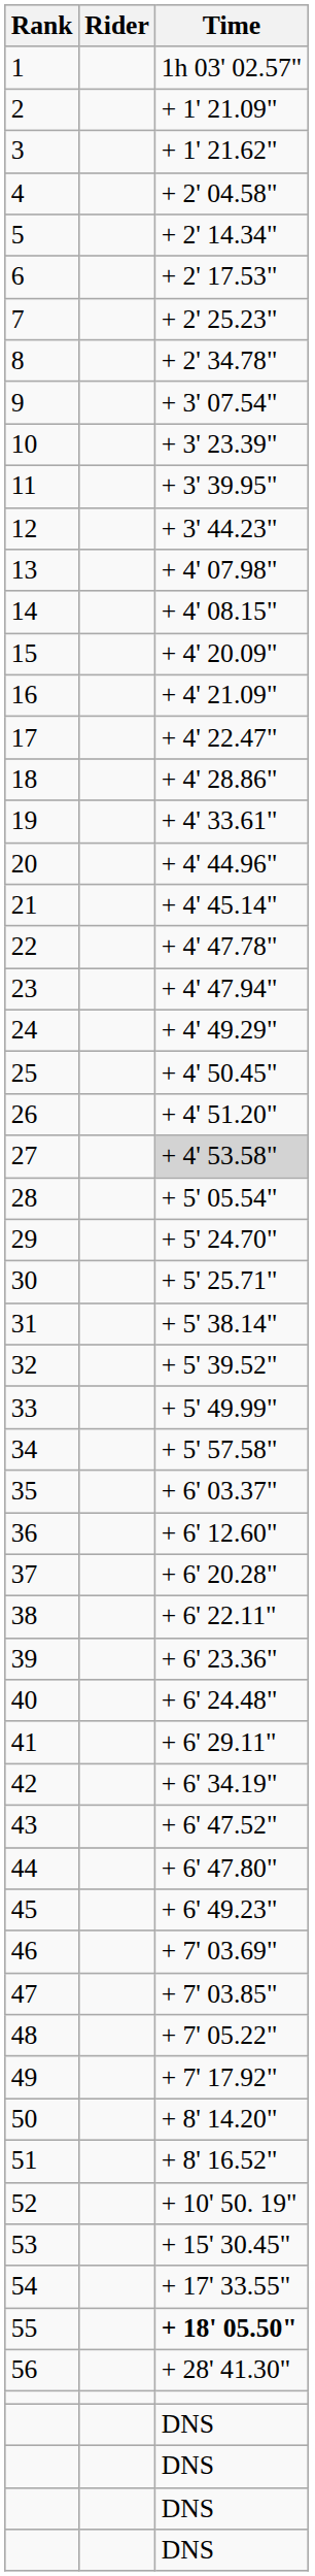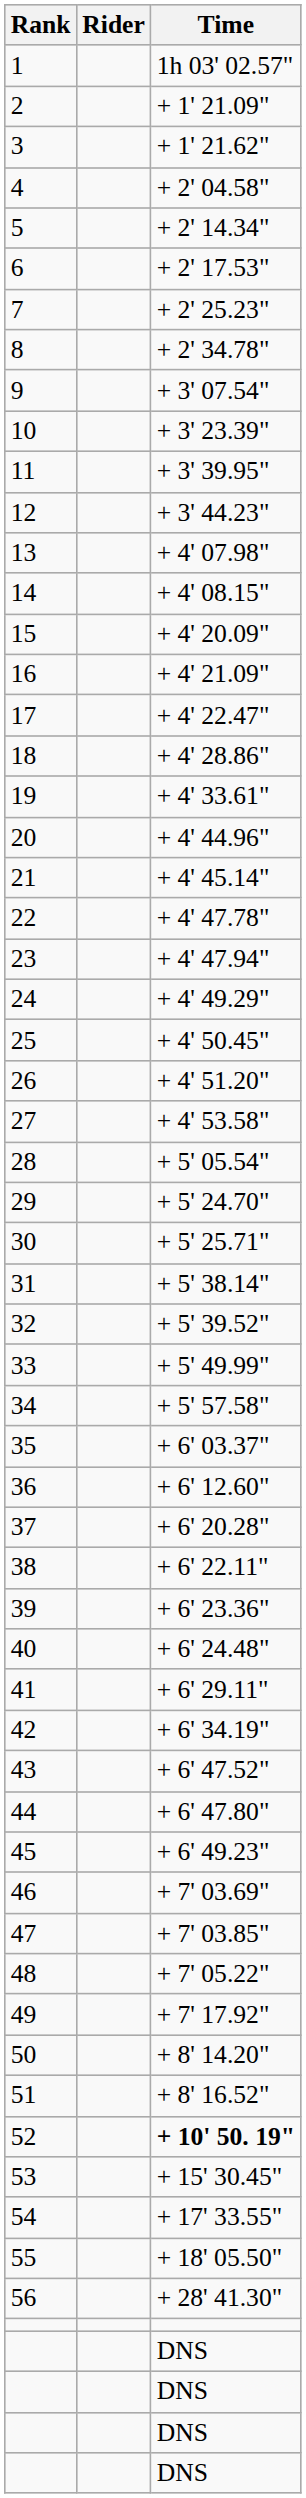 <table class="wikitable sortable">
 <tr>
 <th>Rank</th>
 <th>Rider</th>
 <th>Time</th>
 </tr>
 <tr>
 <td>1</td>
 <td></td>
 <td>1h 03' 02.57"</td>
 </tr>
 <tr>
 <td>2</td>
 <td></td>
 <td>+ 1' 21.09"</td>
 </tr>
 <tr>
 <td>3</td>
 <td></td>
 <td>+ 1' 21.62"</td>
 </tr>
 <tr>
 <td>4</td>
 <td></td>
 <td>+ 2' 04.58"</td>
 </tr>
 <tr>
 <td>5</td>
 <td></td>
 <td>+ 2' 14.34"</td>
 </tr>
 <tr>
 <td>6</td>
 <td></td>
 <td>+ 2' 17.53"</td>
 </tr>
 <tr>
 <td>7</td>
 <td></td>
 <td>+ 2' 25.23"</td>
 </tr>
 <tr>
 <td>8</td>
 <td></td>
 <td>+ 2' 34.78"</td>
 </tr>
 <tr>
 <td>9</td>
 <td></td>
 <td>+ 3' 07.54"</td>
 </tr>
 <tr>
 <td>10</td>
 <td></td>
 <td>+ 3' 23.39"</td>
 </tr>
 <tr>
 <td>11</td>
 <td></td>
 <td>+ 3' 39.95"</td>
 </tr>
 <tr>
 <td>12</td>
 <td></td>
 <td>+ 3' 44.23"</td>
 </tr>
 <tr>
 <td>13</td>
 <td></td>
 <td>+ 4' 07.98"</td>
 </tr>
 <tr>
 <td>14</td>
 <td></td>
 <td>+ 4' 08.15"</td>
 </tr>
 <tr>
 <td>15</td>
 <td></td>
 <td>+ 4' 20.09"</td>
 </tr>
 <tr>
 <td>16</td>
 <td></td>
 <td>+ 4' 21.09"</td>
 </tr>
 <tr>
 <td>17</td>
 <td></td>
 <td>+ 4' 22.47"</td>
 </tr>
 <tr>
 <td>18</td>
 <td></td>
 <td>+ 4' 28.86"</td>
 </tr>
 <tr>
 <td>19</td>
 <td></td>
 <td>+ 4' 33.61"</td>
 </tr>
 <tr>
 <td>20</td>
 <td></td>
 <td>+ 4' 44.96"</td>
 </tr>
 <tr>
 <td>21</td>
 <td></td>
 <td>+ 4' 45.14"</td>
 </tr>
 <tr>
 <td>22</td>
 <td></td>
 <td>+ 4' 47.78"</td>
 </tr>
 <tr>
 <td>23</td>
 <td></td>
 <td>+ 4' 47.94"</td>
 </tr>
 <tr>
 <td>24</td>
 <td></td>
 <td>+ 4' 49.29"</td>
 </tr>
 <tr>
 <td>25</td>
 <td></td>
 <td>+ 4' 50.45"</td>
 </tr>
 <tr>
 <td>26</td>
 <td></td>
 <td>+ 4' 51.20"</td>
 </tr>
 <tr>
 <td>27</td>
 <td></td>
-<td style="background: lightgrey;">+ 4' 53.58"</td>
+<td>+ 4' 53.58"</td>
 </tr>
 <tr>
 <td>28</td>
 <td></td>
 <td>+ 5' 05.54"</td>
 </tr>
 <tr>
 <td>29</td>
 <td></td>
 <td>+ 5' 24.70"</td>
 </tr>
 <tr>
 <td>30</td>
 <td></td>
 <td>+ 5' 25.71"</td>
 </tr>
 <tr>
 <td>31</td>
 <td></td>
 <td>+ 5' 38.14"</td>
 </tr>
 <tr>
 <td>32</td>
 <td></td>
 <td>+ 5' 39.52"</td>
 </tr>
 <tr>
 <td>33</td>
 <td></td>
 <td>+ 5' 49.99"</td>
 </tr>
 <tr>
 <td>34</td>
 <td></td>
 <td>+ 5' 57.58"</td>
 </tr>
 <tr>
 <td>35</td>
 <td></td>
 <td>+ 6' 03.37"</td>
 </tr>
 <tr>
 <td>36</td>
 <td></td>
 <td>+ 6' 12.60"</td>
 </tr>
 <tr>
 <td>37</td>
 <td></td>
 <td>+ 6' 20.28"</td>
 </tr>
 <tr>
 <td>38</td>
 <td></td>
 <td>+ 6' 22.11"</td>
 </tr>
 <tr>
 <td>39</td>
 <td></td>
 <td>+ 6' 23.36"</td>
 </tr>
 <tr>
 <td>40</td>
 <td></td>
 <td>+ 6' 24.48"</td>
 </tr>
 <tr>
 <td>41</td>
 <td></td>
 <td>+ 6' 29.11"</td>
 </tr>
 <tr>
 <td>42</td>
 <td></td>
 <td>+ 6' 34.19"</td>
 </tr>
 <tr>
 <td>43</td>
 <td></td>
 <td>+ 6' 47.52"</td>
 </tr>
 <tr>
 <td>44</td>
 <td></td>
 <td>+ 6' 47.80"</td>
 </tr>
 <tr>
 <td>45</td>
 <td></td>
 <td>+ 6' 49.23"</td>
 </tr>
 <tr>
 <td>46</td>
 <td></td>
 <td>+ 7' 03.69"</td>
 </tr>
 <tr>
 <td>47</td>
 <td></td>
 <td>+ 7' 03.85"</td>
 </tr>
 <tr>
 <td>48</td>
 <td></td>
 <td>+ 7' 05.22"</td>
 </tr>
 <tr>
 <td>49</td>
 <td></td>
 <td>+ 7' 17.92"</td>
 </tr>
 <tr>
 <td>50</td>
 <td></td>
 <td>+ 8' 14.20"</td>
 </tr>
 <tr>
 <td>51</td>
 <td></td>
 <td>+ 8' 16.52"</td>
 </tr>
 <tr>
 <td>52</td>
 <td></td>
-<td>+ 10' 50. 19"</td>
+<td><strong>+ 10' 50. 19"</strong></td>
 </tr>
 <tr>
 <td>53</td>
 <td></td>
 <td>+ 15' 30.45"</td>
 </tr>
 <tr>
 <td>54</td>
 <td></td>
 <td>+ 17' 33.55"</td>
 </tr>
 <tr>
 <td>55</td>
 <td></td>
-<td><strong>+ 18' 05.50"</strong></td>
+<td>+ 18' 05.50"</td>
 </tr>
 <tr>
 <td>56</td>
 <td></td>
 <td>+ 28' 41.30"</td>
 </tr>
 <tr>
 <td></td>
 <td></td>
 <td></td>
 </tr>
 <tr>
 <td></td>
 <td></td>
 <td>DNS</td>
 </tr>
 <tr>
 <td></td>
 <td></td>
 <td>DNS</td>
 </tr>
 <tr>
 <td></td>
 <td></td>
 <td>DNS</td>
 </tr>
 <tr>
 <td></td>
 <td></td>
 <td>DNS</td>
 </tr>
 </table>
